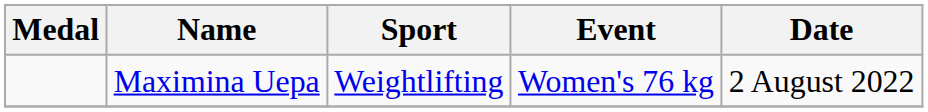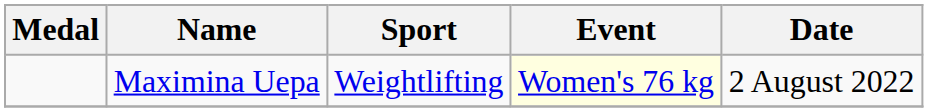 <table class="wikitable sortable">
 <tr>
 <th>Medal</th>
 <th>Name</th>
 <th>Sport</th>
 <th>Event</th>
 <th>Date</th>
 </tr>
 <tr>
 <td align=center></td>
 <td><a href='#'>Maximina Uepa</a></td>
 <td><a href='#'>Weightlifting</a></td>
-<td><a href='#'>Women's 76 kg</a></td>
+<td style="background: lightyellow;"><a href='#'>Women's 76 kg</a></td>
 <td>2 August 2022</td>
 </tr>
 <tr>
 </tr>
 </table>
